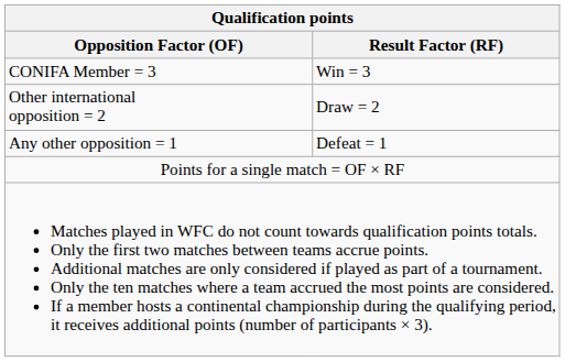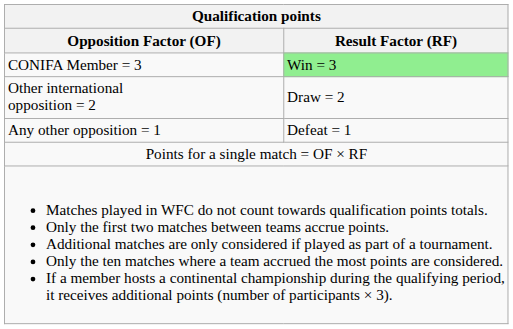 <table class="wikitable">
 <tr>
 <th colspan=2>Qualification points</th>
 </tr>
 <tr>
 <th>Opposition Factor (OF)</th>
 <th>Result Factor (RF)</th>
 </tr>
 <tr>
 <td>CONIFA Member = 3</td>
-<td>Win = 3</td>
+<td style="background: lightgreen;">Win = 3</td>
 </tr>
 <tr>
 <td>Other international<br>opposition = 2</td>
 <td>Draw = 2</td>
 </tr>
 <tr>
 <td>Any other opposition = 1</td>
 <td>Defeat = 1</td>
 </tr>
 <tr>
 <td colspan=2 align=center>Points for a single match = OF × RF</td>
 </tr>
 <tr>
 <td colspan=2><br><ul><li>Matches played in WFC do not count towards qualification points totals.</li><li>Only the first two matches between teams accrue points.</li><li>Additional matches are only considered if played as part of a tournament.</li><li>Only the ten matches where a team accrued the most points are considered.</li><li>If a member hosts a continental championship during the qualifying period,<br>it receives additional points (number of participants × 3).</li></ul></td>
 </tr>
 </table>
